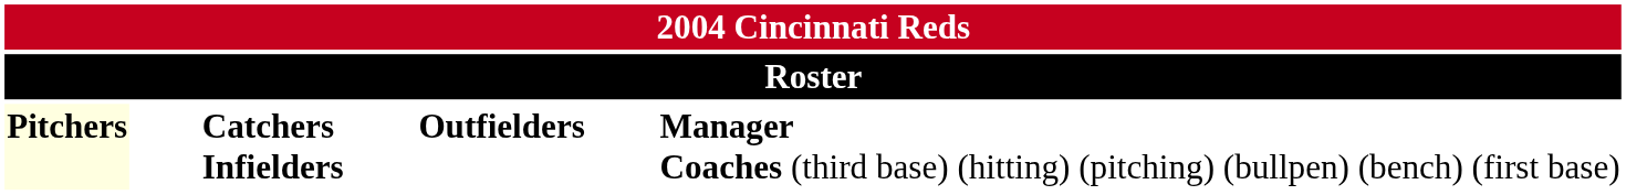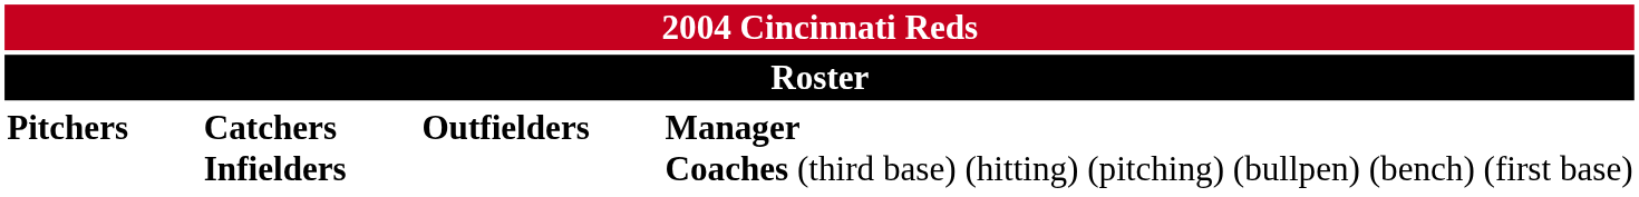 <table class="toccolours" style="font-size: 95%;">
 <tr>
 <th colspan="10" style="background-color: #c6011f; color: #FFFFFF; text-align: center;">2004 Cincinnati Reds</th>
 </tr>
 <tr>
 <td colspan="10" style="background-color: black; color: #FFFFFF; text-align: center;"><strong>Roster</strong></td>
 </tr>
 <tr>
-<td valign="top" style="background: lightyellow;"><strong>Pitchers</strong><br>                     </td>
+<td valign="top"><strong>Pitchers</strong><br>                     </td>
 <td width="25px"></td>
 <td valign="top"><strong>Catchers</strong><br>   <strong>Infielders</strong>         </td>
 <td width="25px"></td>
 <td valign="top"><strong>Outfielders</strong><br>         </td>
 <td width="25px"></td>
 <td valign="top"><strong>Manager</strong><br> <strong>Coaches</strong>  (third base)  (hitting)  (pitching)  (bullpen)  (bench)  (first base)</td>
 </tr>
 </table>
